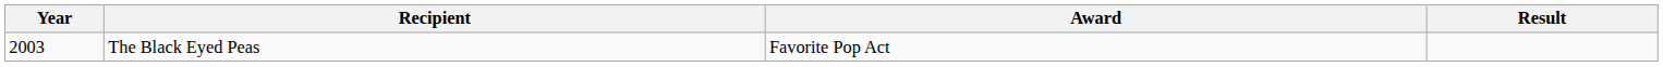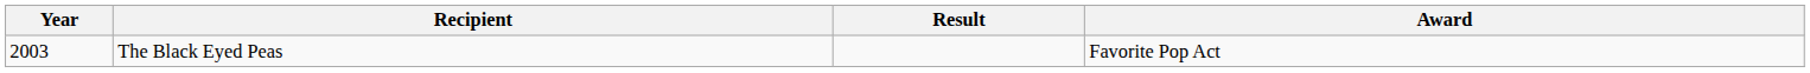 <table style="width: 75%;" class="wikitable">
 <tr>
 <th style="width:6%;">Year</th>
 <th style="width:40%;">Recipient</th>
+<th style="width:14%;">Result</th>
 <th style="width:40%;">Award</th>
-<th style="width:14%;">Result</th>
 </tr>
 <tr>
 <td>2003</td>
 <td>The Black Eyed Peas</td>
+<td></td>
 <td>Favorite Pop Act</td>
-<td></td>
 </tr>
 </table>
